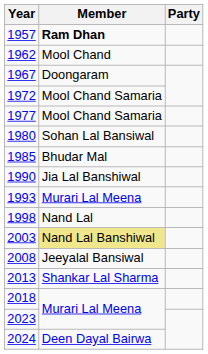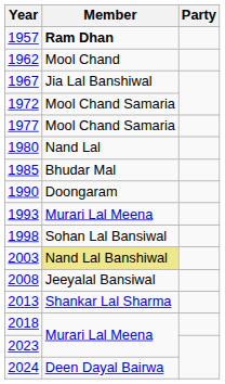 <table class="wikitable sortable">
 <tr>
 <th>Year</th>
 <th>Member</th>
 <th colspan="2">Party</th>
 </tr>
 <tr>
 <td><a href='#'>1957</a></td>
 <td><strong>Ram Dhan</strong></td>
 <td></td>
 </tr>
 <tr>
 <td><a href='#'>1962</a></td>
 <td>Mool Chand</td>
 <td></td>
 </tr>
 <tr>
 <td><a href='#'>1967</a></td>
-<td>Doongaram</td>
+<td>Jia Lal Banshiwal</td>
 </tr>
 <tr>
 <td><a href='#'>1972</a></td>
 <td>Mool Chand Samaria</td>
 </tr>
 <tr>
 <td><a href='#'>1977</a></td>
 <td>Mool Chand Samaria</td>
 <td></td>
 </tr>
 <tr>
 <td><a href='#'>1980</a></td>
-<td>Sohan Lal Bansiwal</td>
+<td>Nand Lal</td>
 <td></td>
 </tr>
 <tr>
 <td><a href='#'>1985</a></td>
 <td>Bhudar Mal</td>
 <td></td>
 </tr>
 <tr>
 <td><a href='#'>1990</a></td>
-<td>Jia Lal Banshiwal</td>
+<td>Doongaram</td>
 <td></td>
 </tr>
 <tr>
 <td><a href='#'>1993</a></td>
 <td><a href='#'>Murari Lal Meena</a></td>
 </tr>
 <tr>
 <td><a href='#'>1998</a></td>
-<td>Nand Lal</td>
+<td>Sohan Lal Bansiwal</td>
 <td></td>
 </tr>
 <tr>
 <td><a href='#'>2003</a></td>
 <td style="background: khaki;">Nand Lal Banshiwal</td>
 <td></td>
 </tr>
 <tr>
 <td><a href='#'>2008</a></td>
 <td>Jeeyalal Bansiwal</td>
 <td></td>
 </tr>
 <tr>
 <td><a href='#'>2013</a></td>
 <td><a href='#'>Shankar Lal Sharma</a></td>
 <td></td>
 </tr>
 <tr>
 <td><a href='#'>2018</a></td>
 <td rowspan="2"><a href='#'>Murari Lal Meena</a></td>
 <td></td>
 </tr>
 <tr>
 <td><a href='#'>2023</a></td>
 </tr>
 <tr>
 <td><a href='#'>2024</a></td>
 <td><a href='#'>Deen Dayal Bairwa</a></td>
 </tr>
 </table>
